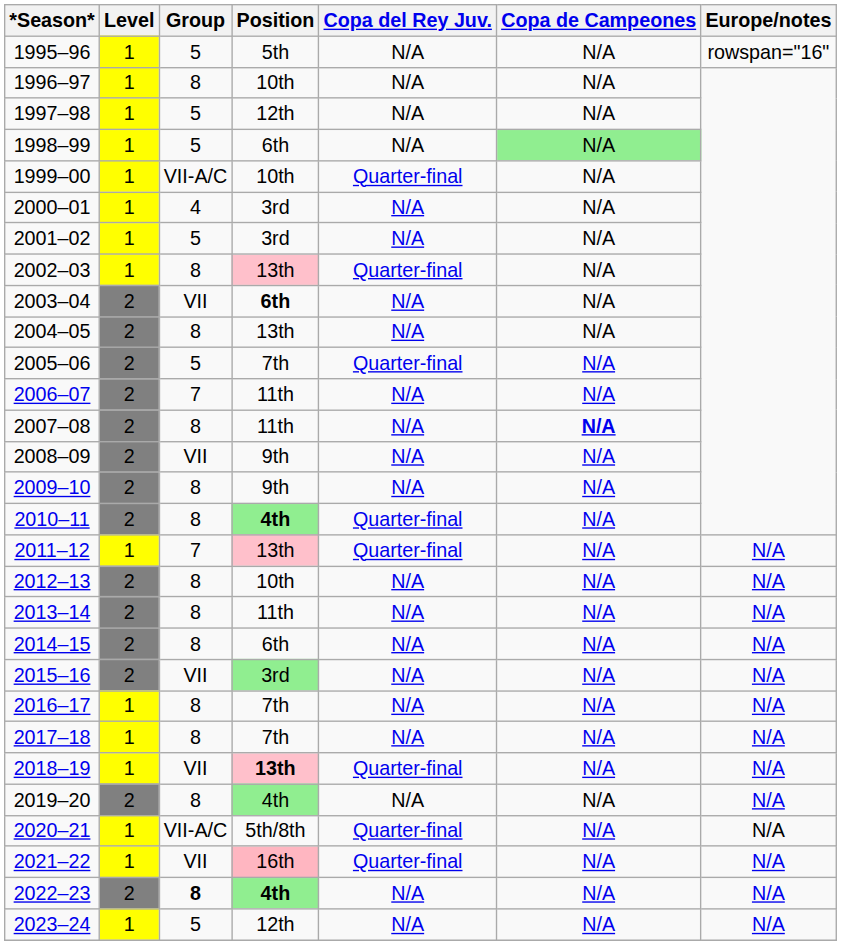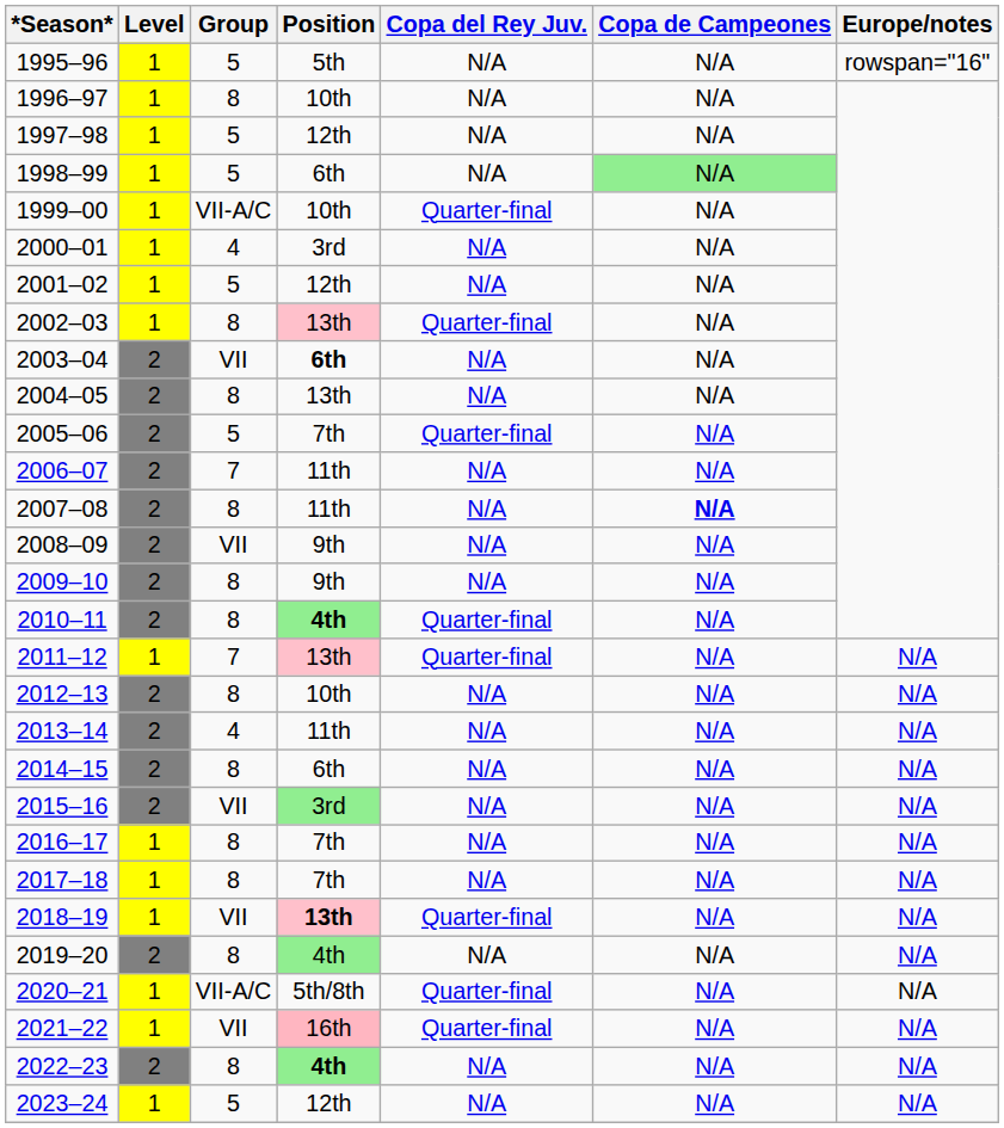 <table class="wikitable" style="text-align:center; font-size:90%">
 <tr>
 <th>*Season*</th>
 <th>Level</th>
 <th>Group</th>
 <th>Position</th>
 <th><a href='#'>Copa del Rey Juv.</a></th>
 <th><a href='#'>Copa de Campeones</a></th>
 <th>Europe/notes</th>
 </tr>
 <tr>
 <td>1995–96</td>
 <td bgcolor=#FFFF00>1</td>
 <td>5</td>
 <td>5th</td>
 <td>N/A</td>
 <td>N/A</td>
 <td>rowspan="16" </td>
 </tr>
 <tr>
 <td>1996–97</td>
 <td bgcolor=#FFFF00>1</td>
 <td>8</td>
 <td>10th</td>
 <td>N/A</td>
 <td>N/A</td>
 </tr>
 <tr>
 <td>1997–98</td>
 <td bgcolor=#FFFF00>1</td>
 <td>5</td>
 <td>12th</td>
 <td>N/A</td>
 <td>N/A</td>
 </tr>
 <tr>
 <td>1998–99</td>
 <td bgcolor=#FFFF00>1</td>
 <td>5</td>
 <td>6th</td>
 <td>N/A</td>
 <td style="background: lightgreen;">N/A</td>
 </tr>
 <tr>
 <td>1999–00</td>
 <td bgcolor=#FFFF00>1</td>
 <td>VII-A/C</td>
 <td>10th</td>
 <td><a href='#'>Quarter-final</a></td>
 <td>N/A</td>
 </tr>
 <tr>
 <td>2000–01</td>
 <td bgcolor=#FFFF00>1</td>
 <td>4</td>
 <td>3rd</td>
 <td><a href='#'>N/A</a></td>
 <td>N/A</td>
 </tr>
 <tr>
 <td>2001–02</td>
 <td bgcolor=#FFFF00>1</td>
 <td>5</td>
-<td>3rd</td>
+<td>12th</td>
 <td><a href='#'>N/A</a></td>
 <td>N/A</td>
 </tr>
 <tr>
 <td>2002–03</td>
 <td bgcolor=#FFFF00>1</td>
 <td>8</td>
 <td bgcolor=pink>13th</td>
 <td><a href='#'>Quarter-final</a></td>
 <td>N/A</td>
 </tr>
 <tr>
 <td>2003–04</td>
 <td bgcolor=#808080>2</td>
 <td>VII</td>
 <td><strong>6th</strong></td>
 <td><a href='#'>N/A</a></td>
 <td>N/A</td>
 </tr>
 <tr>
 <td>2004–05</td>
 <td bgcolor=#808080>2</td>
 <td>8</td>
 <td>13th</td>
 <td><a href='#'>N/A</a></td>
 <td>N/A</td>
 </tr>
 <tr>
 <td>2005–06</td>
 <td bgcolor=#808080>2</td>
 <td>5</td>
 <td>7th</td>
 <td><a href='#'>Quarter-final</a></td>
 <td><a href='#'>N/A</a></td>
 </tr>
 <tr>
 <td><a href='#'>2006–07</a></td>
 <td bgcolor=#808080>2</td>
 <td>7</td>
 <td>11th</td>
 <td><a href='#'>N/A</a></td>
 <td><a href='#'>N/A</a></td>
 </tr>
 <tr>
 <td>2007–08</td>
 <td bgcolor=#808080>2</td>
 <td>8</td>
 <td>11th</td>
 <td><a href='#'>N/A</a></td>
 <td><strong><a href='#'>N/A</a></strong></td>
 </tr>
 <tr>
 <td>2008–09</td>
 <td bgcolor=#808080>2</td>
 <td>VII</td>
 <td>9th</td>
 <td><a href='#'>N/A</a></td>
 <td><a href='#'>N/A</a></td>
 </tr>
 <tr>
 <td><a href='#'>2009–10</a></td>
 <td bgcolor=#808080>2</td>
 <td>8</td>
 <td>9th</td>
 <td><a href='#'>N/A</a></td>
 <td><a href='#'>N/A</a></td>
 </tr>
 <tr>
 <td><a href='#'>2010–11</a></td>
 <td bgcolor=#808080>2</td>
 <td>8</td>
 <td bgcolor=lightgreen><strong>4th</strong></td>
 <td><a href='#'>Quarter-final</a></td>
 <td><a href='#'>N/A</a></td>
 </tr>
 <tr>
 <td><a href='#'>2011–12</a></td>
 <td bgcolor=#FFFF00>1</td>
 <td>7</td>
 <td bgcolor=pink>13th</td>
 <td><a href='#'>Quarter-final</a></td>
 <td><a href='#'>N/A</a></td>
 <td><a href='#'>N/A</a></td>
 </tr>
 <tr>
 <td><a href='#'>2012–13</a></td>
 <td bgcolor=#808080>2</td>
 <td>8</td>
 <td>10th</td>
 <td><a href='#'>N/A</a></td>
 <td><a href='#'>N/A</a></td>
 <td><a href='#'>N/A</a></td>
 </tr>
 <tr>
 <td><a href='#'>2013–14</a></td>
 <td bgcolor=#808080>2</td>
-<td>8</td>
+<td>4</td>
 <td>11th</td>
 <td><a href='#'>N/A</a></td>
 <td><a href='#'>N/A</a></td>
 <td><a href='#'>N/A</a></td>
 </tr>
 <tr>
 <td><a href='#'>2014–15</a></td>
 <td bgcolor=#808080>2</td>
 <td>8</td>
 <td>6th</td>
 <td><a href='#'>N/A</a></td>
 <td><a href='#'>N/A</a></td>
 <td><a href='#'>N/A</a></td>
 </tr>
 <tr>
 <td><a href='#'>2015–16</a></td>
 <td bgcolor=#808080>2</td>
 <td>VII</td>
 <td bgcolor=lightgreen>3rd</td>
 <td><a href='#'>N/A</a></td>
 <td><a href='#'>N/A</a></td>
 <td><a href='#'>N/A</a></td>
 </tr>
 <tr>
 <td><a href='#'>2016–17</a></td>
 <td bgcolor=#FFFF00>1</td>
 <td>8</td>
 <td>7th</td>
 <td><a href='#'>N/A</a></td>
 <td><a href='#'>N/A</a></td>
 <td><a href='#'>N/A</a></td>
 </tr>
 <tr>
 <td><a href='#'>2017–18</a></td>
 <td bgcolor=#FFFF00>1</td>
 <td>8</td>
 <td>7th</td>
 <td><a href='#'>N/A</a></td>
 <td><a href='#'>N/A</a></td>
 <td><a href='#'>N/A</a></td>
 </tr>
 <tr>
 <td><a href='#'>2018–19</a></td>
 <td bgcolor=#FFFF00>1</td>
 <td>VII</td>
 <td bgcolor=pink><strong>13th</strong></td>
 <td><a href='#'>Quarter-final</a></td>
 <td><a href='#'>N/A</a></td>
 <td><a href='#'>N/A</a></td>
 </tr>
 <tr>
 <td>2019–20</td>
 <td bgcolor=#808080>2</td>
 <td>8</td>
 <td bgcolor=lightgreen>4th</td>
 <td>N/A</td>
 <td>N/A</td>
 <td><a href='#'>N/A</a></td>
 </tr>
 <tr>
 <td><a href='#'>2020–21</a></td>
 <td bgcolor="#FFFF00">1</td>
 <td>VII-A/C</td>
 <td>5th/8th</td>
 <td><a href='#'>Quarter-final</a></td>
 <td><a href='#'>N/A</a></td>
 <td>N/A</td>
 </tr>
 <tr>
 <td><a href='#'>2021–22</a></td>
 <td bgcolor=#FFFF00>1</td>
 <td>VII</td>
 <td bgcolor=lightpink>16th</td>
 <td><a href='#'>Quarter-final</a></td>
 <td><a href='#'>N/A</a></td>
 <td><a href='#'>N/A</a></td>
 </tr>
 <tr>
 <td><a href='#'>2022–23</a></td>
 <td bgcolor=#808080>2</td>
-<td><strong>8</strong></td>
+<td>8</td>
 <td bgcolor=lightgreen><strong>4th</strong></td>
 <td><a href='#'>N/A</a></td>
 <td><a href='#'>N/A</a></td>
 <td><a href='#'>N/A</a></td>
 </tr>
 <tr>
 <td><a href='#'>2023–24</a></td>
 <td bgcolor=#FFFF00>1</td>
 <td>5</td>
 <td>12th</td>
 <td><a href='#'>N/A</a></td>
 <td><a href='#'>N/A</a></td>
 <td><a href='#'>N/A</a></td>
 </tr>
 <tr>
 </tr>
 </table>
